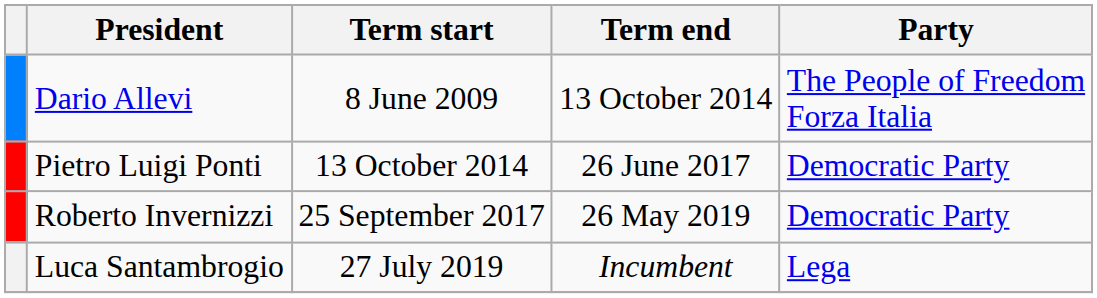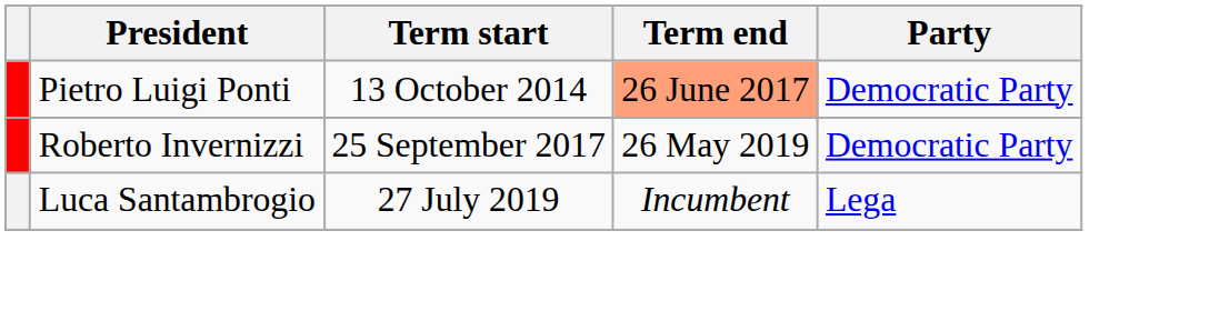 <table class="wikitable">
 <tr>
 <th class=unsortable> </th>
 <th>President</th>
 <th>Term start</th>
 <th>Term end</th>
 <th>Party</th>
 </tr>
 <tr>
-<th style="background:#007FFF;"></th>
-<td><a href='#'>Dario Allevi</a></td>
-<td align=center>8 June 2009</td>
-<td align=center>13 October 2014</td>
-<td><a href='#'>The People of Freedom</a><br><a href='#'>Forza Italia</a></td>
-</tr>
-<tr>
 <th style="background:#FF0000;"></th>
 <td>Pietro Luigi Ponti</td>
 <td align=center>13 October 2014</td>
-<td align=center>26 June 2017</td>
+<td align=center style="background: lightsalmon;">26 June 2017</td>
 <td><a href='#'>Democratic Party</a></td>
 </tr>
 <tr>
 <th style="background:#FF0000;"></th>
 <td>Roberto Invernizzi</td>
 <td align=center>25 September 2017</td>
 <td align=center>26 May 2019</td>
 <td><a href='#'>Democratic Party</a></td>
 </tr>
 <tr>
 <th style="background:"></th>
 <td>Luca Santambrogio</td>
 <td align=center>27 July 2019</td>
 <td align=center><em>Incumbent</em></td>
 <td><a href='#'>Lega</a></td>
 </tr>
 <tr>
 </tr>
 </table>
